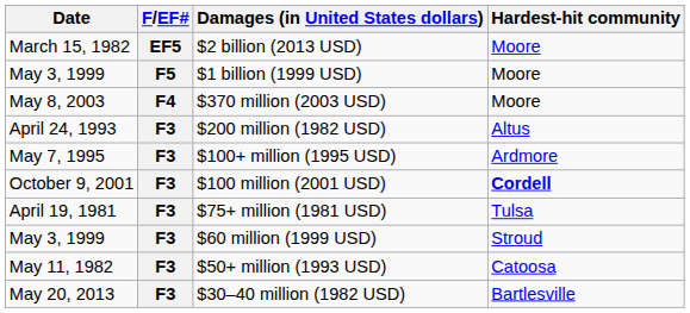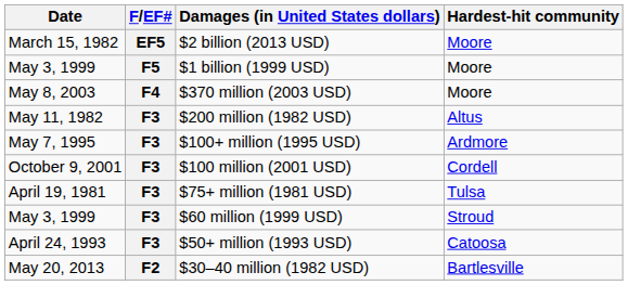 <table class="wikitable">
 <tr>
 <th>Date</th>
 <th><a href='#'>F</a>/<a href='#'>EF#</a></th>
 <th>Damages (in <a href='#'>United States dollars</a>)</th>
 <th>Hardest-hit community</th>
 </tr>
 <tr>
 <td>March 15, 1982</td>
 <th scope="row" rowspan="1" style="background-color:#">EF5</th>
 <td>$2 billion (2013 USD)</td>
 <td><a href='#'>Moore</a></td>
 </tr>
 <tr>
 <td>May 3, 1999</td>
 <th scope="row" rowspan="1" style="background-color:#">F5</th>
 <td>$1 billion (1999 USD)</td>
 <td>Moore</td>
 </tr>
 <tr>
 <td>May 8, 2003</td>
 <th scope="row" rowspan="1" style="background-color:#">F4</th>
 <td>$370 million (2003 USD)</td>
 <td>Moore</td>
 </tr>
 <tr>
-<td>April 24, 1993</td>
+<td>May 11, 1982</td>
 <th scope="row" rowspan="1" style="background-color:#">F3</th>
 <td>$200 million (1982 USD)</td>
 <td><a href='#'>Altus</a></td>
 </tr>
 <tr>
 <td>May 7, 1995</td>
 <th scope="row" rowspan="1" style="background-color:#">F3</th>
 <td>$100+ million (1995 USD)</td>
 <td><a href='#'>Ardmore</a></td>
 </tr>
 <tr>
 <td>October 9, 2001</td>
 <th scope="row" rowspan="1" style="background-color:#">F3</th>
 <td>$100 million (2001 USD)</td>
-<td><strong><a href='#'>Cordell</a></strong></td>
+<td><a href='#'>Cordell</a></td>
 </tr>
 <tr>
 <td>April 19, 1981</td>
 <th scope="row" rowspan="1" style="background-color:#">F3</th>
 <td>$75+ million (1981 USD)</td>
 <td><a href='#'>Tulsa</a></td>
 </tr>
 <tr>
 <td>May 3, 1999</td>
 <th scope="row" rowspan="1" style="background-color:#">F3</th>
 <td>$60 million (1999 USD)</td>
 <td><a href='#'>Stroud</a></td>
 </tr>
 <tr>
-<td>May 11, 1982</td>
+<td>April 24, 1993</td>
 <th scope="row" rowspan="1" style="background-color:#">F3</th>
 <td>$50+ million (1993 USD)</td>
 <td><a href='#'>Catoosa</a></td>
 </tr>
 <tr>
 <td>May 20, 2013</td>
-<th scope="row" rowspan="1" style="background-color:#">F3</th>
+<th scope="row" rowspan="1" style="background-color:#">F2</th>
 <td>$30–40 million (1982 USD)</td>
 <td><a href='#'>Bartlesville</a></td>
 </tr>
 </table>
